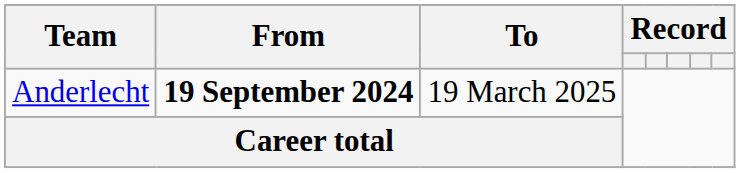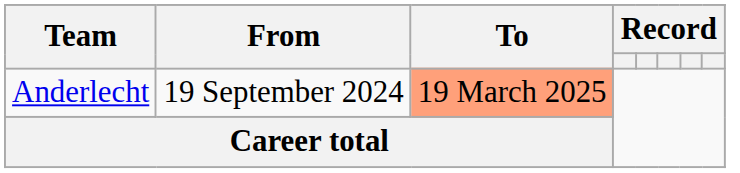 <table class="wikitable" style="text-align:center">
 <tr>
 <th rowspan=2>Team</th>
 <th rowspan=2>From</th>
 <th rowspan=2>To</th>
 <th colspan=8>Record</th>
 </tr>
 <tr>
 <th></th>
 <th></th>
 <th></th>
 <th></th>
 <th></th>
 </tr>
 <tr>
 <td align=left><a href='#'>Anderlecht</a></td>
-<td align=left><strong>19 September 2024</strong></td>
-<td align=left>19 March 2025<br></td>
+<td align=left>19 September 2024</td>
+<td align=left style="background: lightsalmon;">19 March 2025<br></td>
 </tr>
 <tr>
 <th colspan=3>Career total<br></th>
 </tr>
 </table>
